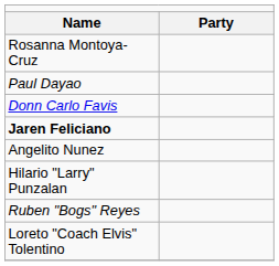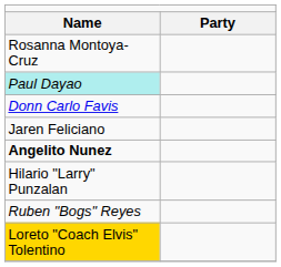 <table class=wikitable style="font-size:90%">
 <tr>
 <td colspan="4" bgcolor=></td>
 </tr>
 <tr>
 <th width=150px>Name</th>
 <th colspan="2" width=110px>Party</th>
 </tr>
 <tr>
 <td>Rosanna Montoya-Cruz</td>
 <td></td>
 </tr>
 <tr>
-<td><em>Paul Dayao</em></td>
+<td style="background: paleturquoise;"><em>Paul Dayao</em></td>
 <td></td>
 </tr>
 <tr>
 <td><em><a href='#'>Donn Carlo Favis</a></em></td>
 <td></td>
 </tr>
 <tr>
-<td><strong>Jaren Feliciano</strong></td>
+<td>Jaren Feliciano</td>
 <td></td>
 </tr>
 <tr>
-<td>Angelito Nunez</td>
+<td><strong>Angelito Nunez</strong></td>
 <td></td>
 </tr>
 <tr>
 <td>Hilario "Larry" Punzalan</td>
 <td></td>
 </tr>
 <tr>
 <td><em>Ruben "Bogs" Reyes</em></td>
 <td></td>
 </tr>
 <tr>
-<td>Loreto "Coach Elvis" Tolentino</td>
+<td style="background: gold;">Loreto "Coach Elvis" Tolentino</td>
 <td></td>
 </tr>
 <tr>
 </tr>
 </table>
